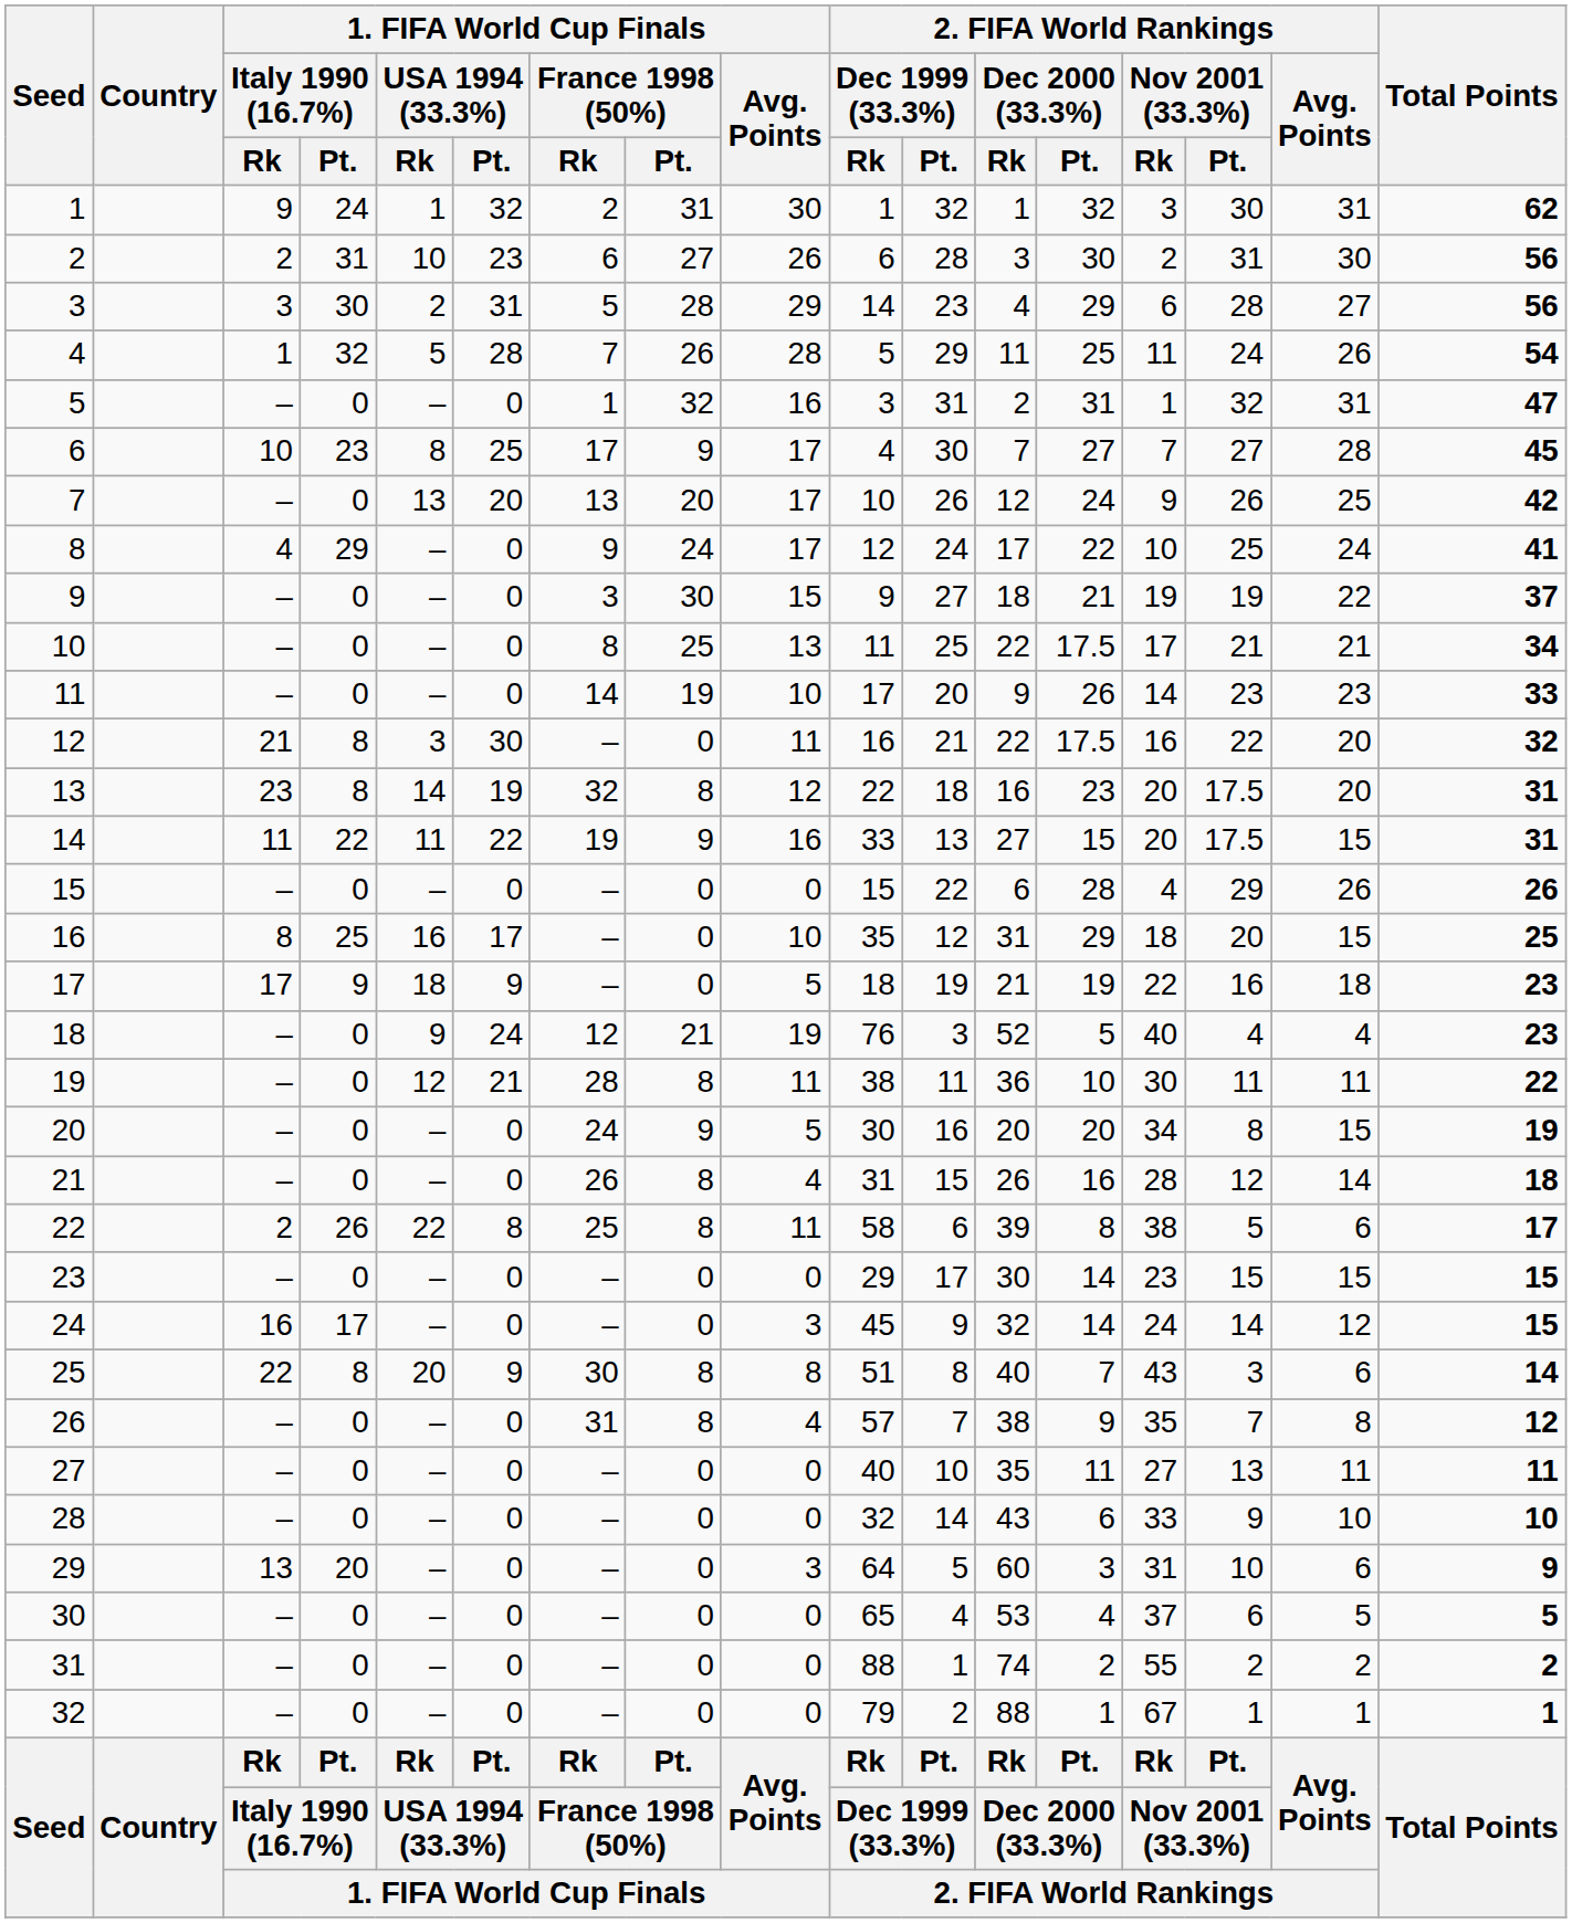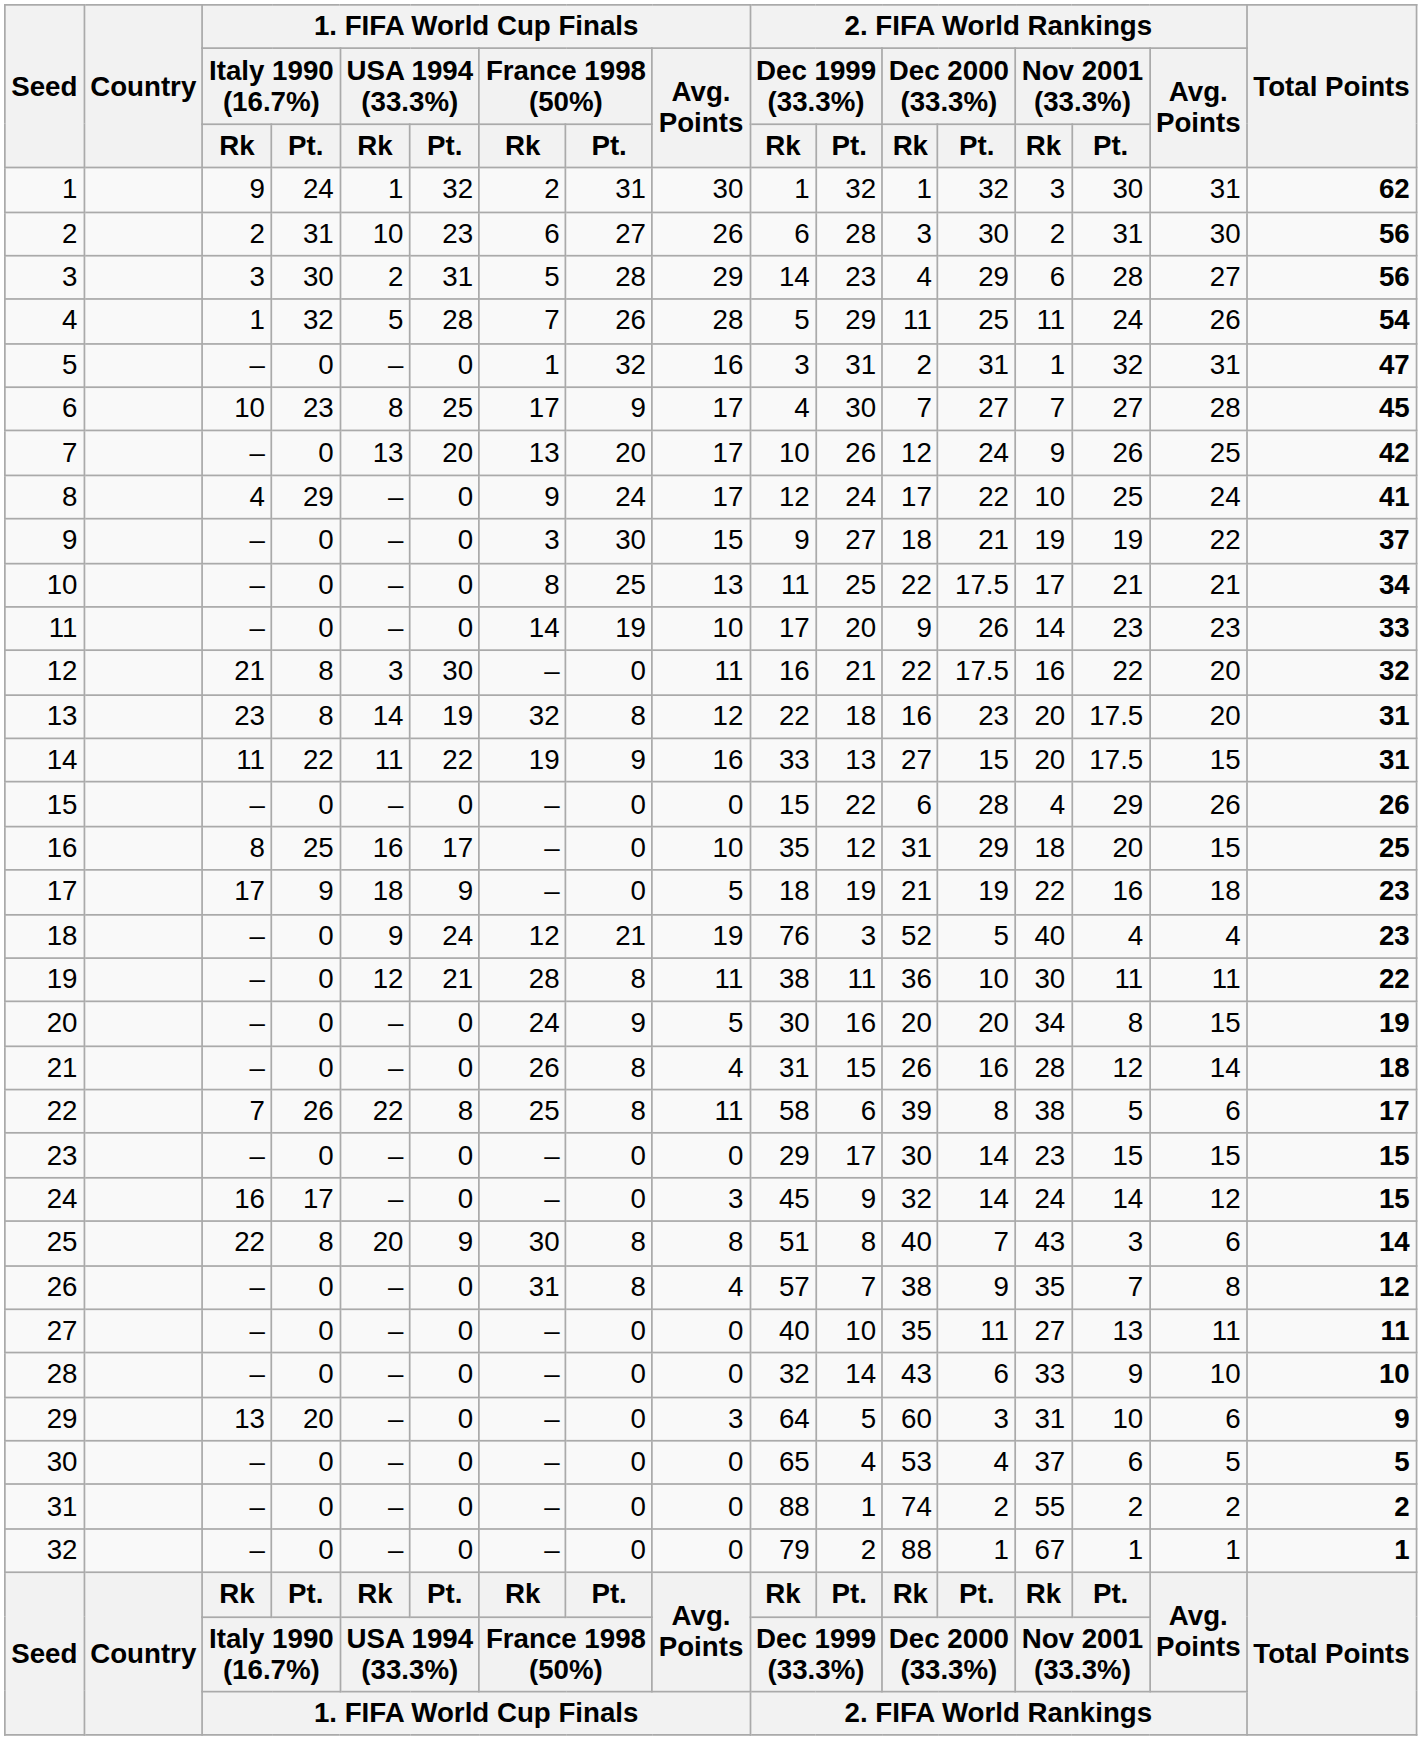 <table class="wikitable sortable" style="text-align:right">
 <tr>
 <th rowspan="3">Seed</th>
 <th rowspan="3">Country</th>
 <th colspan="7">1. FIFA World Cup Finals</th>
 <th colspan="7">2. FIFA World Rankings</th>
 <th rowspan="3">Total Points</th>
 </tr>
 <tr>
 <th colspan="2">Italy 1990<br>(16.7%)</th>
 <th colspan="2">USA 1994<br>(33.3%)</th>
 <th colspan="2">France 1998<br>(50%)</th>
 <th rowspan="2">Avg.<br>Points</th>
 <th colspan="2">Dec 1999<br>(33.3%)</th>
 <th colspan="2">Dec 2000<br>(33.3%)</th>
 <th colspan="2">Nov 2001<br>(33.3%)</th>
 <th rowspan="2">Avg.<br>Points</th>
 </tr>
 <tr>
 <th>Rk</th>
 <th>Pt.</th>
 <th>Rk</th>
 <th>Pt.</th>
 <th>Rk</th>
 <th>Pt.</th>
 <th>Rk</th>
 <th>Pt.</th>
 <th>Rk</th>
 <th>Pt.</th>
 <th>Rk</th>
 <th>Pt.</th>
 </tr>
 <tr>
 <td>1</td>
 <td align="left"></td>
 <td>9</td>
 <td>24</td>
 <td>1</td>
 <td>32</td>
 <td>2</td>
 <td>31</td>
 <td>30</td>
 <td>1</td>
 <td>32</td>
 <td>1</td>
 <td>32</td>
 <td>3</td>
 <td>30</td>
 <td>31</td>
 <td><strong>62</strong></td>
 </tr>
 <tr>
 <td>2</td>
 <td align="left"></td>
 <td>2</td>
 <td>31</td>
 <td>10</td>
 <td>23</td>
 <td>6</td>
 <td>27</td>
 <td>26</td>
 <td>6</td>
 <td>28</td>
 <td>3</td>
 <td>30</td>
 <td>2</td>
 <td>31</td>
 <td>30</td>
 <td><strong>56</strong></td>
 </tr>
 <tr>
 <td>3</td>
 <td align="left"></td>
 <td>3</td>
 <td>30</td>
 <td>2</td>
 <td>31</td>
 <td>5</td>
 <td>28</td>
 <td>29</td>
 <td>14</td>
 <td>23</td>
 <td>4</td>
 <td>29</td>
 <td>6</td>
 <td>28</td>
 <td>27</td>
 <td><strong>56</strong></td>
 </tr>
 <tr>
 <td>4</td>
 <td align="left"></td>
 <td>1</td>
 <td>32</td>
 <td>5</td>
 <td>28</td>
 <td>7</td>
 <td>26</td>
 <td>28</td>
 <td>5</td>
 <td>29</td>
 <td>11</td>
 <td>25</td>
 <td>11</td>
 <td>24</td>
 <td>26</td>
 <td><strong>54</strong></td>
 </tr>
 <tr>
 <td>5</td>
 <td align="left"></td>
 <td>–</td>
 <td>0</td>
 <td>–</td>
 <td>0</td>
 <td>1</td>
 <td>32</td>
 <td>16</td>
 <td>3</td>
 <td>31</td>
 <td>2</td>
 <td>31</td>
 <td>1</td>
 <td>32</td>
 <td>31</td>
 <td><strong>47</strong></td>
 </tr>
 <tr>
 <td>6</td>
 <td align="left"></td>
 <td>10</td>
 <td>23</td>
 <td>8</td>
 <td>25</td>
 <td>17</td>
 <td>9</td>
 <td>17</td>
 <td>4</td>
 <td>30</td>
 <td>7</td>
 <td>27</td>
 <td>7</td>
 <td>27</td>
 <td>28</td>
 <td><strong>45</strong></td>
 </tr>
 <tr>
 <td>7</td>
 <td align="left"></td>
 <td>–</td>
 <td>0</td>
 <td>13</td>
 <td>20</td>
 <td>13</td>
 <td>20</td>
 <td>17</td>
 <td>10</td>
 <td>26</td>
 <td>12</td>
 <td>24</td>
 <td>9</td>
 <td>26</td>
 <td>25</td>
 <td><strong>42</strong></td>
 </tr>
 <tr>
 <td>8</td>
 <td align="left"></td>
 <td>4</td>
 <td>29</td>
 <td>–</td>
 <td>0</td>
 <td>9</td>
 <td>24</td>
 <td>17</td>
 <td>12</td>
 <td>24</td>
 <td>17</td>
 <td>22</td>
 <td>10</td>
 <td>25</td>
 <td>24</td>
 <td><strong>41</strong></td>
 </tr>
 <tr>
 <td>9</td>
 <td align="left"></td>
 <td>–</td>
 <td>0</td>
 <td>–</td>
 <td>0</td>
 <td>3</td>
 <td>30</td>
 <td>15</td>
 <td>9</td>
 <td>27</td>
 <td>18</td>
 <td>21</td>
 <td>19</td>
 <td>19</td>
 <td>22</td>
 <td><strong>37</strong></td>
 </tr>
 <tr>
 <td>10</td>
 <td align="left"></td>
 <td>–</td>
 <td>0</td>
 <td>–</td>
 <td>0</td>
 <td>8</td>
 <td>25</td>
 <td>13</td>
 <td>11</td>
 <td>25</td>
 <td>22</td>
 <td>17.5</td>
 <td>17</td>
 <td>21</td>
 <td>21</td>
 <td><strong>34</strong></td>
 </tr>
 <tr>
 <td>11</td>
 <td align="left"></td>
 <td>–</td>
 <td>0</td>
 <td>–</td>
 <td>0</td>
 <td>14</td>
 <td>19</td>
 <td>10</td>
 <td>17</td>
 <td>20</td>
 <td>9</td>
 <td>26</td>
 <td>14</td>
 <td>23</td>
 <td>23</td>
 <td><strong>33</strong></td>
 </tr>
 <tr>
 <td>12</td>
 <td align="left"></td>
 <td>21</td>
 <td>8</td>
 <td>3</td>
 <td>30</td>
 <td>–</td>
 <td>0</td>
 <td>11</td>
 <td>16</td>
 <td>21</td>
 <td>22</td>
 <td>17.5</td>
 <td>16</td>
 <td>22</td>
 <td>20</td>
 <td><strong>32</strong></td>
 </tr>
 <tr>
 <td>13</td>
 <td align="left"></td>
 <td>23</td>
 <td>8</td>
 <td>14</td>
 <td>19</td>
 <td>32</td>
 <td>8</td>
 <td>12</td>
 <td>22</td>
 <td>18</td>
 <td>16</td>
 <td>23</td>
 <td>20</td>
 <td>17.5</td>
 <td>20</td>
 <td><strong>31</strong></td>
 </tr>
 <tr>
 <td>14</td>
 <td align="left"></td>
 <td>11</td>
 <td>22</td>
 <td>11</td>
 <td>22</td>
 <td>19</td>
 <td>9</td>
 <td>16</td>
 <td>33</td>
 <td>13</td>
 <td>27</td>
 <td>15</td>
 <td>20</td>
 <td>17.5</td>
 <td>15</td>
 <td><strong>31</strong></td>
 </tr>
 <tr>
 <td>15</td>
 <td align="left"></td>
 <td>–</td>
 <td>0</td>
 <td>–</td>
 <td>0</td>
 <td>–</td>
 <td>0</td>
 <td>0</td>
 <td>15</td>
 <td>22</td>
 <td>6</td>
 <td>28</td>
 <td>4</td>
 <td>29</td>
 <td>26</td>
 <td><strong>26</strong></td>
 </tr>
 <tr>
 <td>16</td>
 <td align="left"></td>
 <td>8</td>
 <td>25</td>
 <td>16</td>
 <td>17</td>
 <td>–</td>
 <td>0</td>
 <td>10</td>
 <td>35</td>
 <td>12</td>
 <td>31</td>
 <td>29</td>
 <td>18</td>
 <td>20</td>
 <td>15</td>
 <td><strong>25</strong></td>
 </tr>
 <tr>
 <td>17</td>
 <td align="left"></td>
 <td>17</td>
 <td>9</td>
 <td>18</td>
 <td>9</td>
 <td>–</td>
 <td>0</td>
 <td>5</td>
 <td>18</td>
 <td>19</td>
 <td>21</td>
 <td>19</td>
 <td>22</td>
 <td>16</td>
 <td>18</td>
 <td><strong>23</strong></td>
 </tr>
 <tr>
 <td>18</td>
 <td align="left"></td>
 <td>–</td>
 <td>0</td>
 <td>9</td>
 <td>24</td>
 <td>12</td>
 <td>21</td>
 <td>19</td>
 <td>76</td>
 <td>3</td>
 <td>52</td>
 <td>5</td>
 <td>40</td>
 <td>4</td>
 <td>4</td>
 <td><strong>23</strong></td>
 </tr>
 <tr>
 <td>19</td>
 <td align="left"></td>
 <td>–</td>
 <td>0</td>
 <td>12</td>
 <td>21</td>
 <td>28</td>
 <td>8</td>
 <td>11</td>
 <td>38</td>
 <td>11</td>
 <td>36</td>
 <td>10</td>
 <td>30</td>
 <td>11</td>
 <td>11</td>
 <td><strong>22</strong></td>
 </tr>
 <tr>
 <td>20</td>
 <td align="left"></td>
 <td>–</td>
 <td>0</td>
 <td>–</td>
 <td>0</td>
 <td>24</td>
 <td>9</td>
 <td>5</td>
 <td>30</td>
 <td>16</td>
 <td>20</td>
 <td>20</td>
 <td>34</td>
 <td>8</td>
 <td>15</td>
 <td><strong>19</strong></td>
 </tr>
 <tr>
 <td>21</td>
 <td align="left"></td>
 <td>–</td>
 <td>0</td>
 <td>–</td>
 <td>0</td>
 <td>26</td>
 <td>8</td>
 <td>4</td>
 <td>31</td>
 <td>15</td>
 <td>26</td>
 <td>16</td>
 <td>28</td>
 <td>12</td>
 <td>14</td>
 <td><strong>18</strong></td>
 </tr>
 <tr>
 <td>22</td>
 <td align="left"></td>
-<td>2</td>
+<td>7</td>
 <td>26</td>
 <td>22</td>
 <td>8</td>
 <td>25</td>
 <td>8</td>
 <td>11</td>
 <td>58</td>
 <td>6</td>
 <td>39</td>
 <td>8</td>
 <td>38</td>
 <td>5</td>
 <td>6</td>
 <td><strong>17</strong></td>
 </tr>
 <tr>
 <td>23</td>
 <td align="left"></td>
 <td>–</td>
 <td>0</td>
 <td>–</td>
 <td>0</td>
 <td>–</td>
 <td>0</td>
 <td>0</td>
 <td>29</td>
 <td>17</td>
 <td>30</td>
 <td>14</td>
 <td>23</td>
 <td>15</td>
 <td>15</td>
 <td><strong>15</strong></td>
 </tr>
 <tr>
 <td>24</td>
 <td align="left"></td>
 <td>16</td>
 <td>17</td>
 <td>–</td>
 <td>0</td>
 <td>–</td>
 <td>0</td>
 <td>3</td>
 <td>45</td>
 <td>9</td>
 <td>32</td>
 <td>14</td>
 <td>24</td>
 <td>14</td>
 <td>12</td>
 <td><strong>15</strong></td>
 </tr>
 <tr>
 <td>25</td>
 <td align="left"></td>
 <td>22</td>
 <td>8</td>
 <td>20</td>
 <td>9</td>
 <td>30</td>
 <td>8</td>
 <td>8</td>
 <td>51</td>
 <td>8</td>
 <td>40</td>
 <td>7</td>
 <td>43</td>
 <td>3</td>
 <td>6</td>
 <td><strong>14</strong></td>
 </tr>
 <tr>
 <td>26</td>
 <td align="left"></td>
 <td>–</td>
 <td>0</td>
 <td>–</td>
 <td>0</td>
 <td>31</td>
 <td>8</td>
 <td>4</td>
 <td>57</td>
 <td>7</td>
 <td>38</td>
 <td>9</td>
 <td>35</td>
 <td>7</td>
 <td>8</td>
 <td><strong>12</strong></td>
 </tr>
 <tr>
 <td>27</td>
 <td align="left"></td>
 <td>–</td>
 <td>0</td>
 <td>–</td>
 <td>0</td>
 <td>–</td>
 <td>0</td>
 <td>0</td>
 <td>40</td>
 <td>10</td>
 <td>35</td>
 <td>11</td>
 <td>27</td>
 <td>13</td>
 <td>11</td>
 <td><strong>11</strong></td>
 </tr>
 <tr>
 <td>28</td>
 <td align="left"></td>
 <td>–</td>
 <td>0</td>
 <td>–</td>
 <td>0</td>
 <td>–</td>
 <td>0</td>
 <td>0</td>
 <td>32</td>
 <td>14</td>
 <td>43</td>
 <td>6</td>
 <td>33</td>
 <td>9</td>
 <td>10</td>
 <td><strong>10</strong></td>
 </tr>
 <tr>
 <td>29</td>
 <td align="left"></td>
 <td>13</td>
 <td>20</td>
 <td>–</td>
 <td>0</td>
 <td>–</td>
 <td>0</td>
 <td>3</td>
 <td>64</td>
 <td>5</td>
 <td>60</td>
 <td>3</td>
 <td>31</td>
 <td>10</td>
 <td>6</td>
 <td><strong>9</strong></td>
 </tr>
 <tr>
 <td>30</td>
 <td align="left"></td>
 <td>–</td>
 <td>0</td>
 <td>–</td>
 <td>0</td>
 <td>–</td>
 <td>0</td>
 <td>0</td>
 <td>65</td>
 <td>4</td>
 <td>53</td>
 <td>4</td>
 <td>37</td>
 <td>6</td>
 <td>5</td>
 <td><strong>5</strong></td>
 </tr>
 <tr>
 <td>31</td>
 <td align="left"></td>
 <td>–</td>
 <td>0</td>
 <td>–</td>
 <td>0</td>
 <td>–</td>
 <td>0</td>
 <td>0</td>
 <td>88</td>
 <td>1</td>
 <td>74</td>
 <td>2</td>
 <td>55</td>
 <td>2</td>
 <td>2</td>
 <td><strong>2</strong></td>
 </tr>
 <tr>
 <td>32</td>
 <td align="left"></td>
 <td>–</td>
 <td>0</td>
 <td>–</td>
 <td>0</td>
 <td>–</td>
 <td>0</td>
 <td>0</td>
 <td>79</td>
 <td>2</td>
 <td>88</td>
 <td>1</td>
 <td>67</td>
 <td>1</td>
 <td>1</td>
 <td><strong>1</strong></td>
 </tr>
 <tr>
 <th rowspan="3">Seed</th>
 <th rowspan="3">Country</th>
 <th>Rk</th>
 <th>Pt.</th>
 <th>Rk</th>
 <th>Pt.</th>
 <th>Rk</th>
 <th>Pt.</th>
 <th rowspan="2">Avg.<br>Points</th>
 <th>Rk</th>
 <th>Pt.</th>
 <th>Rk</th>
 <th>Pt.</th>
 <th>Rk</th>
 <th>Pt.</th>
 <th rowspan="2">Avg.<br>Points</th>
 <th rowspan="3">Total Points</th>
 </tr>
 <tr>
 <th colspan="2">Italy 1990<br>(16.7%)</th>
 <th colspan="2">USA 1994<br>(33.3%)</th>
 <th colspan="2">France 1998<br>(50%)</th>
 <th colspan="2">Dec 1999<br>(33.3%)</th>
 <th colspan="2">Dec 2000<br>(33.3%)</th>
 <th colspan="2">Nov 2001<br>(33.3%)</th>
 </tr>
 <tr>
 <th colspan="7">1. FIFA World Cup Finals</th>
 <th colspan="7">2. FIFA World Rankings</th>
 </tr>
 </table>
